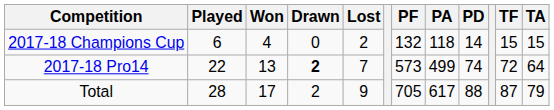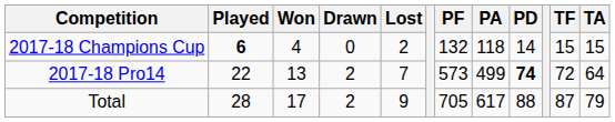 <table class="wikitable">
 <tr>
 <th>Competition</th>
 <th>Played</th>
 <th>Won</th>
 <th>Drawn</th>
 <th>Lost</th>
 <th rowspan="4"></th>
 <th>PF</th>
 <th>PA</th>
 <th>PD</th>
 <th rowspan="4"></th>
 <th>TF</th>
 <th>TA</th>
 </tr>
 <tr align=center>
 <td><a href='#'>2017-18 Champions Cup</a></td>
-<td>6</td>
+<td><strong>6</strong></td>
 <td>4</td>
 <td>0</td>
 <td>2</td>
 <td>132</td>
 <td>118</td>
 <td>14</td>
 <td>15</td>
 <td>15</td>
 </tr>
 <tr align=center>
 <td><a href='#'>2017-18 Pro14</a></td>
 <td>22</td>
 <td>13</td>
-<td><strong>2</strong></td>
+<td>2</td>
 <td>7</td>
 <td>573</td>
 <td>499</td>
-<td>74</td>
+<td><strong>74</strong></td>
 <td>72</td>
 <td>64</td>
 </tr>
 <tr align=center>
 <td>Total</td>
 <td>28</td>
 <td>17</td>
 <td>2</td>
 <td>9</td>
 <td>705</td>
 <td>617</td>
 <td>88</td>
 <td>87</td>
 <td>79</td>
 </tr>
 </table>
